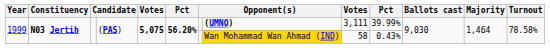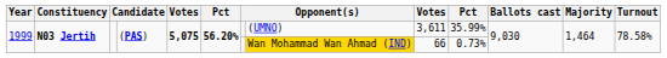 <table class="wikitable" style="margin:0.5em ; font-size:95%">
 <tr>
 <th>Year</th>
 <th>Constituency</th>
 <th colspan=2>Candidate</th>
 <th>Votes</th>
 <th>Pct</th>
 <th colspan=2>Opponent(s)</th>
 <th>Votes</th>
 <th>Pct</th>
 <th>Ballots cast</th>
 <th>Majority</th>
 <th>Turnout</th>
 </tr>
 <tr>
 <td rowspan=2><a href='#'>1999</a></td>
 <td rowspan=2><strong>N03 <a href='#'>Jertih</a></strong></td>
 <td rowspan=2 ></td>
 <td rowspan=2> (<a href='#'><strong>PAS</strong></a>)</td>
 <td rowspan=2 align="right"><strong>5,075</strong></td>
 <td rowspan=2><strong>56.20%</strong></td>
 <td></td>
-<td><strong> (<a href='#'>UMNO</a>)</strong></td>
-<td align="right">3,111</td>
-<td>39.99%</td>
+<td> (<a href='#'>UMNO</a>)</td>
+<td align="right">3,611</td>
+<td>35.99%</td>
 <td rowspan=2>9,030</td>
 <td rowspan=2>1,464</td>
 <td rowspan=2>78.58%</td>
 </tr>
 <tr>
 <td></td>
 <td style="background: gold;">Wan Mohammad Wan Ahmad (<a href='#'>IND</a>)</td>
-<td align="right">58</td>
-<td align="right">0.43%</td>
+<td align="right">66</td>
+<td align="right">0.73%</td>
 </tr>
 </table>
